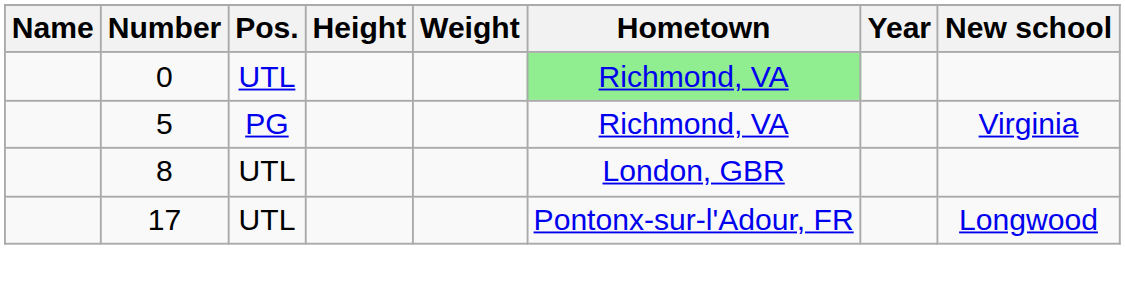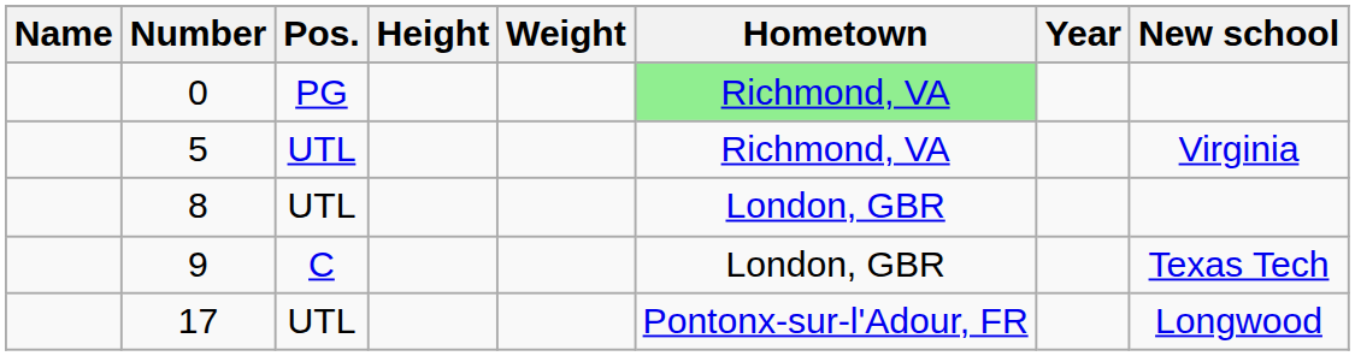 <table class="wikitable sortable" style="text-align: center">
 <tr>
 </tr>
 <tr>
 <th>Name</th>
 <th>Number</th>
 <th>Pos.</th>
 <th>Height</th>
 <th>Weight</th>
 <th>Hometown</th>
 <th>Year</th>
 <th>New school</th>
 </tr>
 <tr>
 <td></td>
 <td>0</td>
-<td><a href='#'>UTL</a></td>
+<td><a href='#'>PG</a></td>
 <td></td>
 <td></td>
 <td style="background: lightgreen;"><a href='#'>Richmond, VA</a></td>
 <td></td>
 <td></td>
 </tr>
 <tr>
 <td></td>
 <td>5</td>
-<td><a href='#'>PG</a></td>
+<td><a href='#'>UTL</a></td>
 <td></td>
 <td></td>
 <td><a href='#'>Richmond, VA</a></td>
 <td></td>
 <td><a href='#'>Virginia</a></td>
 </tr>
 <tr>
 <td></td>
 <td>8</td>
 <td>UTL</td>
 <td></td>
 <td></td>
 <td><a href='#'>London, GBR</a></td>
 <td></td>
 <td></td>
 </tr>
 <tr>
 <td></td>
+<td>9</td>
+<td><a href='#'>C</a></td>
+<td></td>
+<td></td>
+<td>London, GBR</td>
+<td></td>
+<td><a href='#'>Texas Tech</a></td>
+</tr>
+<tr>
+<td></td>
 <td>17</td>
 <td>UTL</td>
 <td></td>
 <td></td>
 <td><a href='#'>Pontonx-sur-l'Adour, FR</a></td>
 <td></td>
 <td><a href='#'>Longwood</a></td>
 </tr>
 </table>
